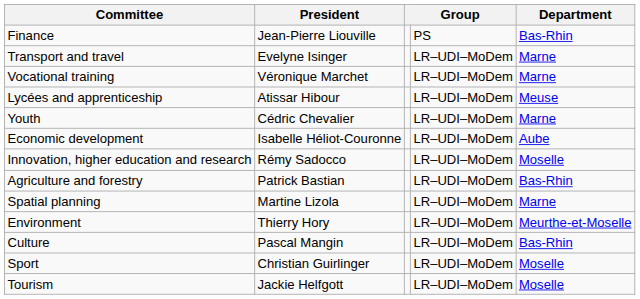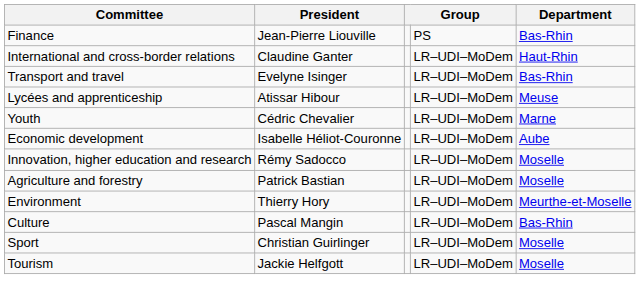 <table class="wikitable" style="font-size:95%;">
 <tr>
 <th>Committee</th>
 <th>President</th>
 <th colspan="2">Group</th>
 <th>Department</th>
 </tr>
 <tr>
 <td>Finance</td>
 <td>Jean-Pierre Liouville</td>
 <td style="background:"></td>
 <td>PS</td>
 <td><a href='#'>Bas-Rhin</a></td>
 </tr>
 <tr>
+<td>International and cross-border relations</td>
+<td>Claudine Ganter</td>
+<td style="background:"></td>
+<td>LR–UDI–MoDem</td>
+<td><a href='#'>Haut-Rhin</a></td>
+</tr>
+<tr>
 <td>Transport and travel</td>
 <td>Evelyne Isinger</td>
 <td style="background:"></td>
 <td>LR–UDI–MoDem</td>
-<td><a href='#'>Marne</a></td>
-</tr>
-<tr>
-<td>Vocational training</td>
-<td>Véronique Marchet</td>
-<td style="background:"></td>
-<td>LR–UDI–MoDem</td>
-<td><a href='#'>Marne</a></td>
+<td><a href='#'>Bas-Rhin</a></td>
 </tr>
 <tr>
 <td>Lycées and apprenticeship</td>
 <td>Atissar Hibour</td>
 <td style="background:"></td>
 <td>LR–UDI–MoDem</td>
 <td><a href='#'>Meuse</a></td>
 </tr>
 <tr>
 <td>Youth</td>
 <td>Cédric Chevalier</td>
 <td style="background:"></td>
 <td>LR–UDI–MoDem</td>
 <td><a href='#'>Marne</a></td>
 </tr>
 <tr>
 <td>Economic development</td>
 <td>Isabelle Héliot-Couronne</td>
 <td style="background:"></td>
 <td>LR–UDI–MoDem</td>
 <td><a href='#'>Aube</a></td>
 </tr>
 <tr>
 <td>Innovation, higher education and research</td>
 <td>Rémy Sadocco</td>
 <td style="background:"></td>
 <td>LR–UDI–MoDem</td>
 <td><a href='#'>Moselle</a></td>
 </tr>
 <tr>
 <td>Agriculture and forestry</td>
 <td>Patrick Bastian</td>
 <td style="background:"></td>
 <td>LR–UDI–MoDem</td>
-<td><a href='#'>Bas-Rhin</a></td>
-</tr>
-<tr>
-<td>Spatial planning</td>
-<td>Martine Lizola</td>
-<td style="background:"></td>
-<td>LR–UDI–MoDem</td>
-<td><a href='#'>Marne</a></td>
+<td><a href='#'>Moselle</a></td>
 </tr>
 <tr>
 <td>Environment</td>
 <td>Thierry Hory</td>
 <td style="background:"></td>
 <td>LR–UDI–MoDem</td>
 <td><a href='#'>Meurthe-et-Moselle</a></td>
 </tr>
 <tr>
 <td>Culture</td>
 <td>Pascal Mangin</td>
 <td style="background:"></td>
 <td>LR–UDI–MoDem</td>
 <td><a href='#'>Bas-Rhin</a></td>
 </tr>
 <tr>
 <td>Sport</td>
 <td>Christian Guirlinger</td>
 <td style="background:"></td>
 <td>LR–UDI–MoDem</td>
 <td><a href='#'>Moselle</a></td>
 </tr>
 <tr>
 <td>Tourism</td>
 <td>Jackie Helfgott</td>
 <td style="background:"></td>
 <td>LR–UDI–MoDem</td>
 <td><a href='#'>Moselle</a></td>
 </tr>
 </table>
